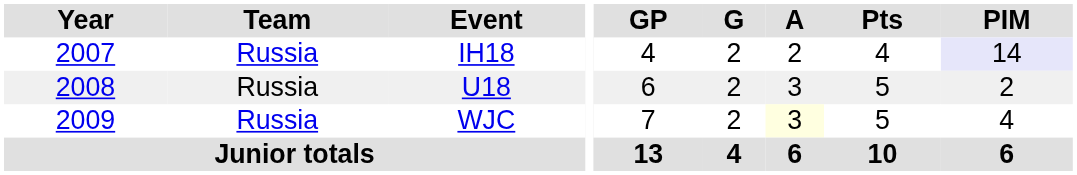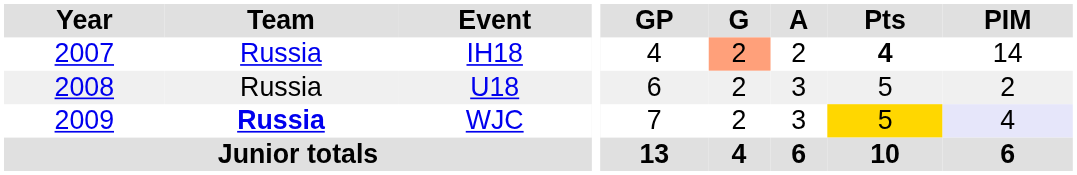 <table border="0" cellpadding="1" cellspacing="0" ID="Table3" style="text-align:center; width:40em">
 <tr bgcolor="#e0e0e0">
 <th>Year</th>
 <th>Team</th>
 <th>Event</th>
 <th rowspan="102" bgcolor="#ffffff"></th>
 <th>GP</th>
 <th>G</th>
 <th>A</th>
 <th>Pts</th>
 <th>PIM</th>
 </tr>
 <tr>
 <td><a href='#'>2007</a></td>
 <td><a href='#'>Russia</a></td>
 <td><a href='#'>IH18</a></td>
 <td>4</td>
+<td style="background: lightsalmon;">2</td>
 <td>2</td>
-<td>2</td>
-<td>4</td>
-<td style="background: lavender;">14</td>
+<td><strong>4</strong></td>
+<td>14</td>
 </tr>
 <tr bgcolor="#f0f0f0">
 <td><a href='#'>2008</a></td>
 <td>Russia</td>
 <td><a href='#'>U18</a></td>
 <td>6</td>
 <td>2</td>
 <td>3</td>
 <td>5</td>
 <td>2</td>
 </tr>
 <tr>
 <td><a href='#'>2009</a></td>
-<td><a href='#'>Russia</a></td>
+<td><strong><a href='#'>Russia</a></strong></td>
 <td><a href='#'>WJC</a></td>
 <td>7</td>
 <td>2</td>
-<td style="background: lightyellow;">3</td>
-<td>5</td>
-<td>4</td>
+<td>3</td>
+<td style="background: gold;">5</td>
+<td style="background: lavender;">4</td>
 </tr>
 <tr bgcolor="#e0e0e0">
 <th colspan="3">Junior totals</th>
 <th>13</th>
 <th>4</th>
 <th>6</th>
 <th>10</th>
 <th>6</th>
 </tr>
 </table>
